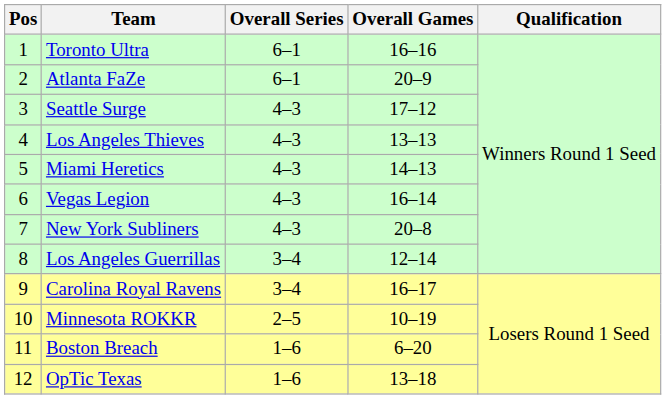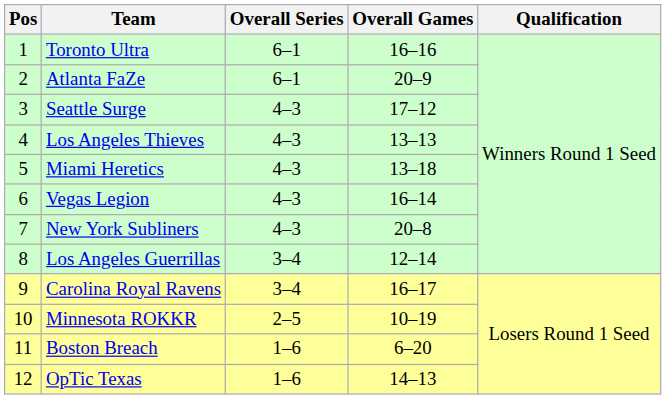 <table class="wikitable" style="text-align:center">
 <tr>
 <th>Pos</th>
 <th>Team</th>
 <th>Overall Series</th>
 <th>Overall Games</th>
 <th>Qualification</th>
 </tr>
 <tr style="background:#CCFFCC">
 <td>1</td>
 <td style="text-align:left;"><a href='#'>Toronto Ultra</a></td>
 <td>6–1</td>
 <td>16–16</td>
 <td rowspan="8">Winners Round 1 Seed</td>
 </tr>
 <tr style="background:#CCFFCC">
 <td>2</td>
 <td style="text-align:left;"><a href='#'>Atlanta FaZe</a></td>
 <td>6–1</td>
 <td>20–9</td>
 </tr>
 <tr style="background:#CCFFCC">
 <td>3</td>
 <td style="text-align:left;"><a href='#'>Seattle Surge</a></td>
 <td>4–3</td>
 <td>17–12</td>
 </tr>
 <tr style="background:#CCFFCC">
 <td>4</td>
 <td style="text-align:left;"><a href='#'>Los Angeles Thieves</a></td>
 <td>4–3</td>
 <td>13–13</td>
 </tr>
 <tr style="background:#CCFFCC">
 <td>5</td>
 <td style="text-align:left;"><a href='#'>Miami Heretics</a></td>
 <td>4–3</td>
-<td>14–13</td>
+<td>13–18</td>
 </tr>
 <tr style="background:#CCFFCC">
 <td>6</td>
 <td style="text-align:left;"><a href='#'>Vegas Legion</a></td>
 <td>4–3</td>
 <td>16–14</td>
 </tr>
 <tr style="background:#CCFFCC">
 <td>7</td>
 <td style="text-align:left;"><a href='#'>New York Subliners</a></td>
 <td>4–3</td>
 <td>20–8</td>
 </tr>
 <tr style="background:#CCFFCC">
 <td>8</td>
 <td style="text-align:left;"><a href='#'>Los Angeles Guerrillas</a></td>
 <td>3–4</td>
 <td>12–14</td>
 </tr>
 <tr style="background:#FFFF99">
 <td>9</td>
 <td style="text-align:left;"><a href='#'>Carolina Royal Ravens</a></td>
 <td>3–4</td>
 <td>16–17</td>
 <td rowspan="4">Losers Round 1 Seed</td>
 </tr>
 <tr style="background:#FFFF99">
 <td>10</td>
 <td style="text-align:left;"><a href='#'>Minnesota ROKKR</a></td>
 <td>2–5</td>
 <td>10–19</td>
 </tr>
 <tr style="background:#FFFF99">
 <td>11</td>
 <td style="text-align:left;"><a href='#'>Boston Breach</a></td>
 <td>1–6</td>
 <td>6–20</td>
 </tr>
 <tr style="background:#FFFF99">
 <td>12</td>
 <td style="text-align:left;"><a href='#'>OpTic Texas</a></td>
 <td>1–6</td>
-<td>13–18</td>
+<td>14–13</td>
 </tr>
 </table>
